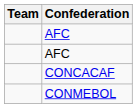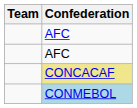 <table class="wikitable sortable" style="text-align: left;">
 <tr>
 <th>Team</th>
 <th>Confederation</th>
 </tr>
 <tr>
 <td></td>
 <td><a href='#'>AFC</a></td>
 </tr>
 <tr>
 <td></td>
 <td>AFC</td>
 </tr>
 <tr>
 <td></td>
-<td><a href='#'>CONCACAF</a></td>
+<td style="background: khaki;"><a href='#'>CONCACAF</a></td>
 </tr>
 <tr>
 <td></td>
-<td><a href='#'>CONMEBOL</a></td>
+<td style="background: lightblue;"><a href='#'>CONMEBOL</a></td>
 </tr>
 </table>
